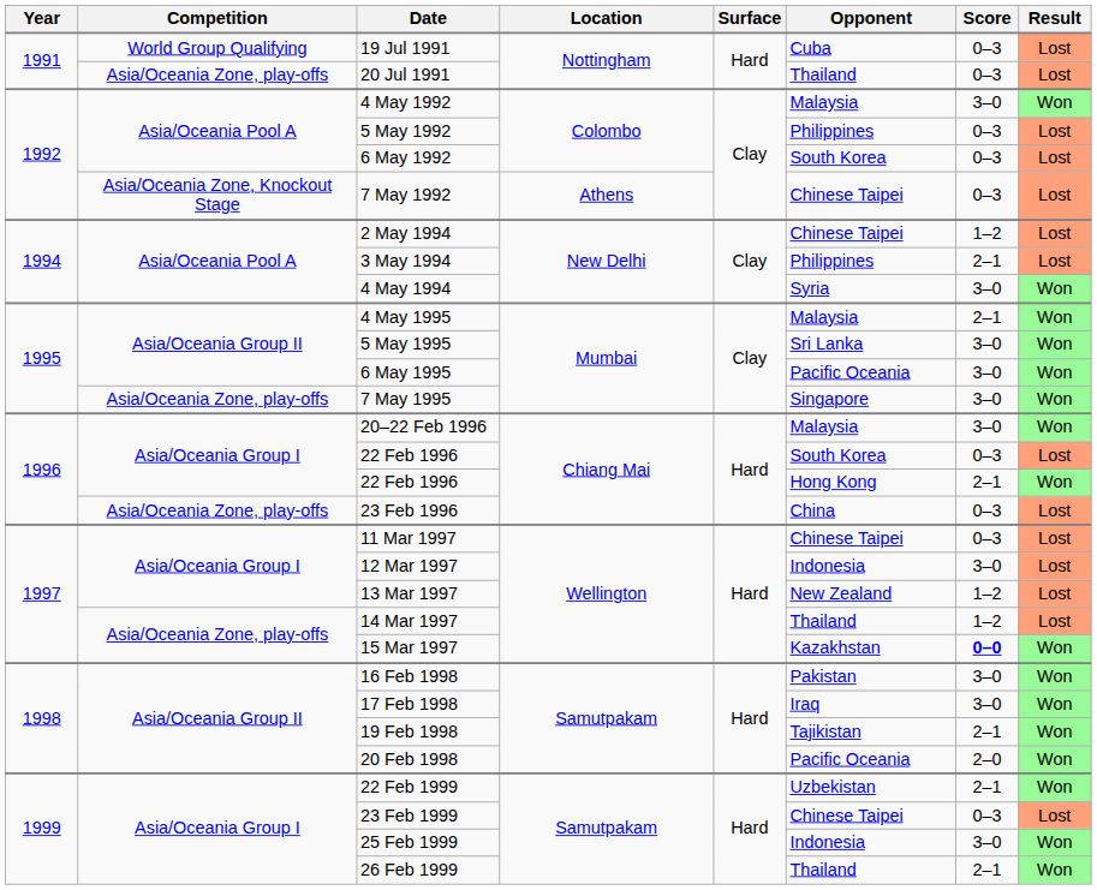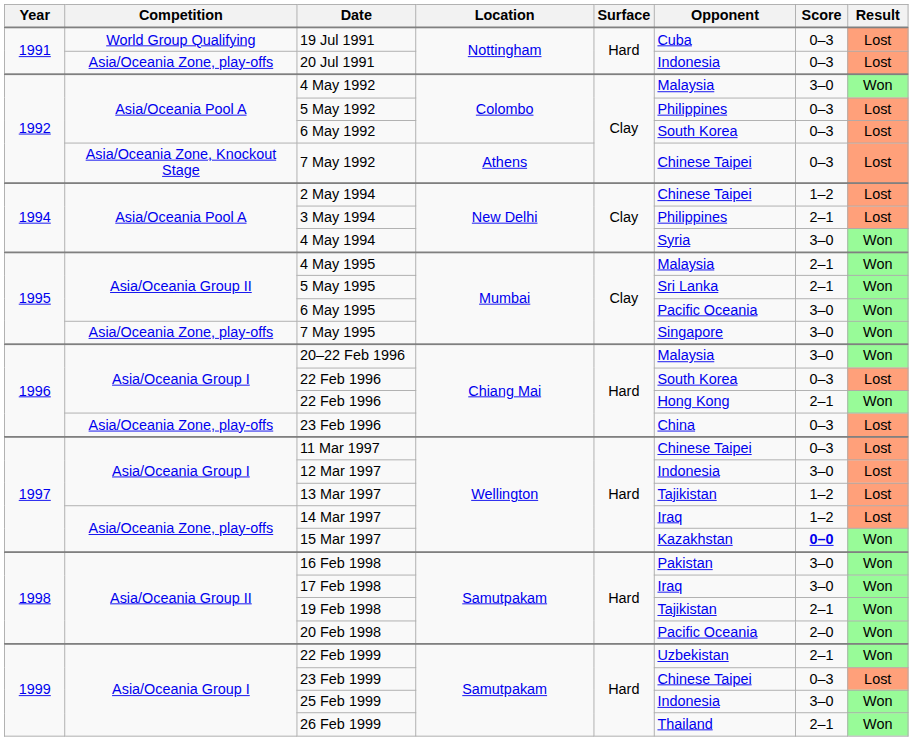 <table class="wikitable collapsible collapsed">
 <tr>
 <th width="60">Year</th>
 <th width="250">Competition</th>
 <th width="125">Date</th>
 <th width="190">Location</th>
 <th width="60">Surface</th>
 <th width="150">Opponent</th>
 <th width="50">Score</th>
 <th width="60">Result</th>
 </tr>
 <tr style="border-top:2px solid gray;">
 <td align="center" rowspan="2"><a href='#'>1991</a></td>
 <td align="center" rowspan="1"><a href='#'>World Group Qualifying</a></td>
 <td>19 Jul 1991</td>
 <td align="center" rowspan="2"> <a href='#'>Nottingham</a></td>
 <td align="center" rowspan="2">Hard</td>
 <td> <a href='#'>Cuba</a></td>
 <td align="center">0–3</td>
 <td align="center" bgcolor="FFA07A">Lost</td>
 </tr>
 <tr>
 <td align="center" rowspan="1"><a href='#'>Asia/Oceania Zone, play-offs</a></td>
 <td>20 Jul 1991</td>
-<td> <a href='#'>Thailand</a></td>
+<td> <a href='#'>Indonesia</a></td>
 <td align="center">0–3</td>
 <td align="center" bgcolor="FFA07A">Lost</td>
 </tr>
 <tr style="border-top:2px solid gray;">
 <td align="center" rowspan="4"><a href='#'>1992</a></td>
 <td align="center" rowspan="3"><a href='#'>Asia/Oceania Pool A</a></td>
 <td>4 May 1992</td>
 <td align="center" rowspan="3"> <a href='#'>Colombo</a></td>
 <td align="center" rowspan="4">Clay</td>
 <td> <a href='#'>Malaysia</a></td>
 <td align="center">3–0</td>
 <td align="center" bgcolor="98FB98">Won</td>
 </tr>
 <tr>
 <td>5 May 1992</td>
 <td> <a href='#'>Philippines</a></td>
 <td align="center">0–3</td>
 <td align="center" bgcolor="FFA07A">Lost</td>
 </tr>
 <tr>
 <td>6 May 1992</td>
 <td> <a href='#'>South Korea</a></td>
 <td align="center">0–3</td>
 <td align="center" bgcolor="FFA07A">Lost</td>
 </tr>
 <tr>
 <td align="center" rowspan="1"><a href='#'>Asia/Oceania Zone, Knockout Stage</a></td>
 <td>7 May 1992</td>
 <td align="center" rowspan="1"> <a href='#'>Athens</a></td>
 <td> <a href='#'>Chinese Taipei</a></td>
 <td align="center">0–3</td>
 <td align="center" bgcolor="FFA07A">Lost</td>
 </tr>
 <tr style="border-top:2px solid gray;">
 <td align="center" rowspan="3"><a href='#'>1994</a></td>
 <td align="center" rowspan="3"><a href='#'>Asia/Oceania Pool A</a></td>
 <td>2 May 1994</td>
 <td align="center" rowspan="3"> <a href='#'>New Delhi</a></td>
 <td align="center" rowspan="3">Clay</td>
 <td> <a href='#'>Chinese Taipei</a></td>
 <td align="center">1–2</td>
 <td align="center" bgcolor="FFA07A">Lost</td>
 </tr>
 <tr>
 <td>3 May 1994</td>
 <td> <a href='#'>Philippines</a></td>
 <td align="center">2–1</td>
 <td align="center" bgcolor="FFA07A">Lost</td>
 </tr>
 <tr>
 <td>4 May 1994</td>
 <td> <a href='#'>Syria</a></td>
 <td align="center">3–0</td>
 <td align="center" bgcolor="98FB98">Won</td>
 </tr>
 <tr style="border-top:2px solid gray;">
 <td align="center" rowspan="4"><a href='#'>1995</a></td>
 <td align="center" rowspan="3"><a href='#'>Asia/Oceania Group II</a></td>
 <td>4 May 1995</td>
 <td align="center" rowspan="4"> <a href='#'>Mumbai</a></td>
 <td align="center" rowspan="4">Clay</td>
 <td> <a href='#'>Malaysia</a></td>
 <td align="center">2–1</td>
 <td align="center" bgcolor="98FB98">Won</td>
 </tr>
 <tr>
 <td>5 May 1995</td>
 <td> <a href='#'>Sri Lanka</a></td>
-<td align="center">3–0</td>
+<td align="center">2–1</td>
 <td align="center" bgcolor="98FB98">Won</td>
 </tr>
 <tr>
 <td>6 May 1995</td>
 <td> <a href='#'>Pacific Oceania</a></td>
 <td align="center">3–0</td>
 <td align="center" bgcolor="98FB98">Won</td>
 </tr>
 <tr>
 <td align="center" rowspan="1"><a href='#'>Asia/Oceania Zone, play-offs</a></td>
 <td>7 May 1995</td>
 <td> <a href='#'>Singapore</a></td>
 <td align="center">3–0</td>
 <td align="center" bgcolor="98FB98">Won</td>
 </tr>
 <tr style="border-top:2px solid gray;">
 <td align="center" rowspan="4"><a href='#'>1996</a></td>
 <td align="center" rowspan="3"><a href='#'>Asia/Oceania Group I</a></td>
 <td>20–22 Feb 1996</td>
 <td align="center" rowspan="4"> <a href='#'>Chiang Mai</a></td>
 <td align="center" rowspan="4">Hard</td>
 <td> <a href='#'>Malaysia</a></td>
 <td align="center">3–0</td>
 <td align="center" bgcolor="98FB98">Won</td>
 </tr>
 <tr>
 <td>22 Feb 1996</td>
 <td> <a href='#'>South Korea</a></td>
 <td align="center">0–3</td>
 <td align="center" bgcolor="FFA07A">Lost</td>
 </tr>
 <tr>
 <td>22 Feb 1996</td>
 <td> <a href='#'>Hong Kong</a></td>
 <td align="center">2–1</td>
 <td align="center" bgcolor="98FB98">Won</td>
 </tr>
 <tr>
 <td align="center" rowspan="1"><a href='#'>Asia/Oceania Zone, play-offs</a></td>
 <td>23 Feb 1996</td>
 <td> <a href='#'>China</a></td>
 <td align="center">0–3</td>
 <td align="center" bgcolor="FFA07A">Lost</td>
 </tr>
 <tr style="border-top:2px solid gray;">
 <td align="center" rowspan="5"><a href='#'>1997</a></td>
 <td align="center" rowspan="3"><a href='#'>Asia/Oceania Group I</a></td>
 <td>11 Mar 1997</td>
 <td align="center" rowspan="5"> <a href='#'>Wellington</a></td>
 <td align="center" rowspan="5">Hard</td>
 <td> <a href='#'>Chinese Taipei</a></td>
 <td align="center">0–3</td>
 <td align="center" bgcolor="FFA07A">Lost</td>
 </tr>
 <tr>
 <td>12 Mar 1997</td>
 <td> <a href='#'>Indonesia</a></td>
 <td align="center">3–0</td>
 <td align="center" bgcolor="FFA07A">Lost</td>
 </tr>
 <tr>
 <td>13 Mar 1997</td>
-<td> <a href='#'>New Zealand</a></td>
+<td> <a href='#'>Tajikistan</a></td>
 <td align="center">1–2</td>
 <td align="center" bgcolor="FFA07A">Lost</td>
 </tr>
 <tr>
 <td align="center" rowspan="2"><a href='#'>Asia/Oceania Zone, play-offs</a></td>
 <td>14 Mar 1997</td>
-<td> <a href='#'>Thailand</a></td>
+<td> <a href='#'>Iraq</a></td>
 <td align="center">1–2</td>
 <td align="center" bgcolor="FFA07A">Lost</td>
 </tr>
 <tr>
 <td>15 Mar 1997</td>
 <td> <a href='#'>Kazakhstan</a></td>
 <td align="center"><strong><a href='#'>0–0</a></strong></td>
 <td align="center" bgcolor="98FB98">Won</td>
 </tr>
 <tr style="border-top:2px solid gray;">
 <td align="center" rowspan="4"><a href='#'>1998</a></td>
 <td align="center" rowspan="4"><a href='#'>Asia/Oceania Group II</a></td>
 <td>16 Feb 1998</td>
 <td align="center" rowspan="4"> <a href='#'>Samutpakam</a></td>
 <td align="center" rowspan="4">Hard</td>
 <td> <a href='#'>Pakistan</a></td>
 <td align="center">3–0</td>
 <td align="center" bgcolor="98FB98">Won</td>
 </tr>
 <tr>
 <td>17 Feb 1998</td>
 <td> <a href='#'>Iraq</a></td>
 <td align="center">3–0</td>
 <td align="center" bgcolor="98FB98">Won</td>
 </tr>
 <tr>
 <td>19 Feb 1998</td>
 <td> <a href='#'>Tajikistan</a></td>
 <td align="center">2–1</td>
 <td align="center" bgcolor="98FB98">Won</td>
 </tr>
 <tr>
 <td>20 Feb 1998</td>
 <td> <a href='#'>Pacific Oceania</a></td>
 <td align="center">2–0</td>
 <td align="center" bgcolor="98FB98">Won</td>
 </tr>
 <tr style="border-top:2px solid gray;">
 <td align="center" rowspan="4"><a href='#'>1999</a></td>
 <td align="center" rowspan="4"><a href='#'>Asia/Oceania Group I</a></td>
 <td>22 Feb 1999</td>
 <td align="center" rowspan="4"> <a href='#'>Samutpakam</a></td>
 <td align="center" rowspan="4">Hard</td>
 <td> <a href='#'>Uzbekistan</a></td>
 <td align="center">2–1</td>
 <td align="center" bgcolor="98FB98">Won</td>
 </tr>
 <tr>
 <td>23 Feb 1999</td>
 <td> <a href='#'>Chinese Taipei</a></td>
 <td align="center">0–3</td>
 <td align="center" bgcolor="FFA07A">Lost</td>
 </tr>
 <tr>
 <td>25 Feb 1999</td>
 <td> <a href='#'>Indonesia</a></td>
 <td align="center">3–0</td>
 <td align="center" bgcolor="98FB98">Won</td>
 </tr>
 <tr>
 <td>26 Feb 1999</td>
 <td> <a href='#'>Thailand</a></td>
 <td align="center">2–1</td>
 <td align="center" bgcolor="98FB98">Won</td>
 </tr>
 </table>
